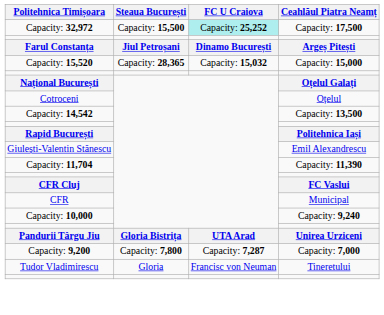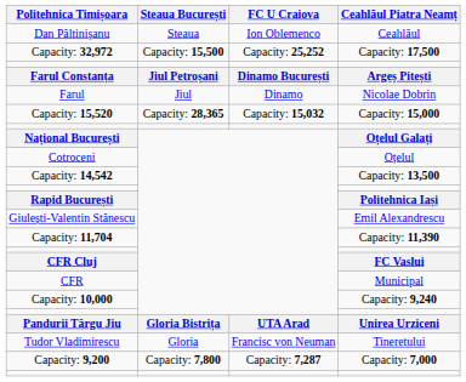 <table class="wikitable" style="text-align:center;margin:0.5em auto;">
 <tr>
 <th><a href='#'>Politehnica Timișoara</a></th>
 <th><a href='#'>Steaua București</a></th>
 <th><a href='#'>FC U Craiova</a></th>
 <th><a href='#'>Ceahlăul Piatra Neamț</a></th>
 </tr>
 <tr>
+<td><a href='#'>Dan Păltinișanu</a></td>
+<td><a href='#'>Steaua</a></td>
+<td><a href='#'>Ion Oblemenco</a></td>
+<td><a href='#'>Ceahlăul</a></td>
+</tr>
+<tr>
 <td>Capacity: <strong>32,972</strong></td>
 <td>Capacity: <strong>15,500</strong></td>
-<td style="background: paleturquoise;">Capacity: <strong>25,252</strong></td>
+<td>Capacity: <strong>25,252</strong></td>
 <td>Capacity: <strong>17,500</strong></td>
 </tr>
 <tr>
 <td></td>
 <td></td>
 <td></td>
 <td></td>
 </tr>
 <tr>
 <th><a href='#'>Farul Constanța</a></th>
 <th><a href='#'>Jiul Petroșani</a></th>
 <th><a href='#'>Dinamo București</a></th>
 <th><a href='#'>Argeș Pitești</a></th>
+</tr>
+<tr>
+<td><a href='#'>Farul</a></td>
+<td><a href='#'>Jiul</a></td>
+<td><a href='#'>Dinamo</a></td>
+<td><a href='#'>Nicolae Dobrin</a></td>
 </tr>
 <tr>
 <td>Capacity: <strong>15,520</strong></td>
 <td>Capacity: <strong>28,365</strong></td>
 <td>Capacity: <strong>15,032</strong></td>
 <td>Capacity: <strong>15,000</strong></td>
 </tr>
 <tr>
 <td></td>
 <td></td>
 <td></td>
 <td></td>
 </tr>
 <tr>
 <th><a href='#'>Național București</a></th>
 <td colspan="2" rowspan="12"><br> </td>
 <th><a href='#'>Oțelul Galați</a></th>
 </tr>
 <tr>
 <td><a href='#'>Cotroceni</a></td>
 <td><a href='#'>Oțelul</a></td>
 </tr>
 <tr>
 <td>Capacity: <strong>14,542</strong></td>
 <td>Capacity: <strong>13,500</strong></td>
 </tr>
 <tr>
 <td></td>
 <td></td>
 </tr>
 <tr>
 <th><a href='#'>Rapid București</a></th>
 <th><a href='#'>Politehnica Iași</a></th>
 </tr>
 <tr>
 <td><a href='#'>Giulești-Valentin Stănescu</a></td>
 <td><a href='#'>Emil Alexandrescu</a></td>
 </tr>
 <tr>
 <td>Capacity: <strong>11,704</strong></td>
 <td>Capacity: <strong>11,390</strong></td>
 </tr>
 <tr>
 <td></td>
 <td></td>
 </tr>
 <tr>
 <th><a href='#'>CFR Cluj</a></th>
 <th><a href='#'>FC Vaslui</a></th>
 </tr>
 <tr>
 <td><a href='#'>CFR</a></td>
 <td><a href='#'>Municipal</a></td>
 </tr>
 <tr>
 <td>Capacity: <strong>10,000</strong></td>
 <td>Capacity: <strong>9,240</strong></td>
 </tr>
 <tr>
 <td></td>
 <td></td>
 </tr>
 <tr>
 <th><a href='#'>Pandurii Târgu Jiu</a></th>
 <th><a href='#'>Gloria Bistrița</a></th>
 <th><a href='#'>UTA Arad</a></th>
 <th><a href='#'>Unirea Urziceni</a></th>
 </tr>
 <tr>
+<td><a href='#'>Tudor Vladimirescu</a></td>
+<td><a href='#'>Gloria</a></td>
+<td><a href='#'>Francisc von Neuman</a></td>
+<td><a href='#'>Tineretului</a></td>
+</tr>
+<tr>
 <td>Capacity: <strong>9,200</strong></td>
 <td>Capacity: <strong>7,800</strong></td>
 <td>Capacity: <strong>7,287</strong></td>
 <td>Capacity: <strong>7,000</strong></td>
-</tr>
-<tr>
-<td><a href='#'>Tudor Vladimirescu</a></td>
-<td><a href='#'>Gloria</a></td>
-<td><a href='#'>Francisc von Neuman</a></td>
-<td><a href='#'>Tineretului</a></td>
 </tr>
 <tr>
 <td></td>
 <td></td>
 <td></td>
 <td></td>
 </tr>
 </table>
